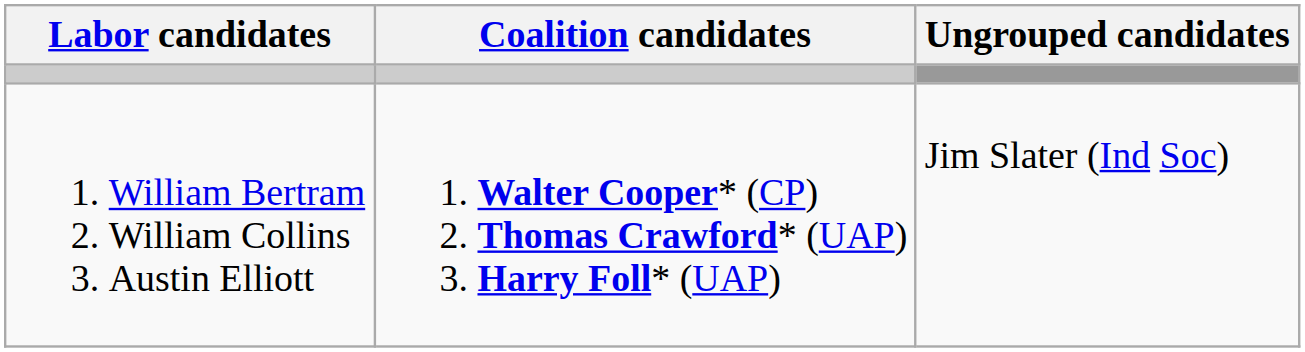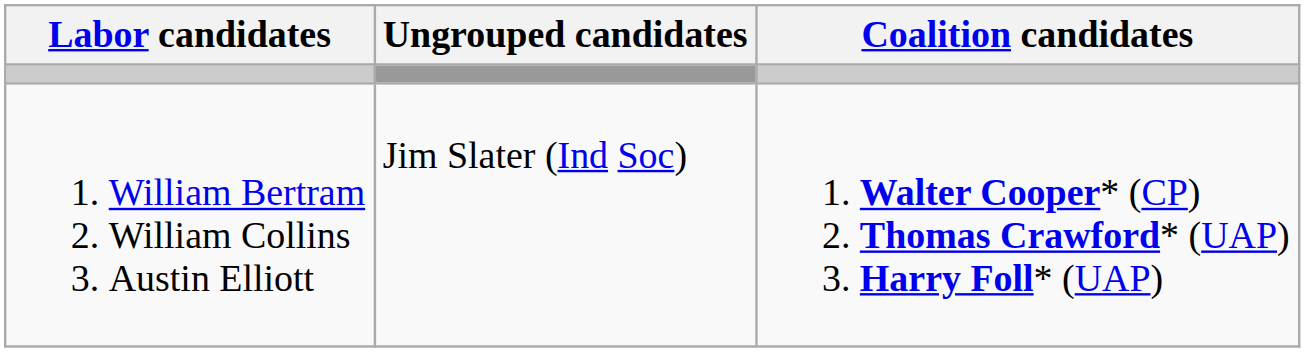 <table class="wikitable">
 <tr>
 <th><a href='#'>Labor</a> candidates</th>
+<th>Ungrouped candidates</th>
 <th><a href='#'>Coalition</a> candidates</th>
-<th>Ungrouped candidates</th>
 </tr>
 <tr bgcolor="#cccccc">
 <td></td>
+<td bgcolor="#999999"></td>
 <td></td>
-<td bgcolor="#999999"></td>
 </tr>
 <tr>
 <td valign=top><br><ol><li><a href='#'>William Bertram</a></li><li>William Collins</li><li>Austin Elliott</li></ol></td>
+<td valign=top><br>Jim Slater (<a href='#'>Ind</a> <a href='#'>Soc</a>)</td>
 <td><br><ol><li><strong><a href='#'>Walter Cooper</a></strong>* (<a href='#'>CP</a>)</li><li><strong><a href='#'>Thomas Crawford</a></strong>* (<a href='#'>UAP</a>)</li><li><strong><a href='#'>Harry Foll</a></strong>* (<a href='#'>UAP</a>)</li></ol></td>
-<td valign=top><br>Jim Slater (<a href='#'>Ind</a> <a href='#'>Soc</a>)</td>
 </tr>
 </table>
